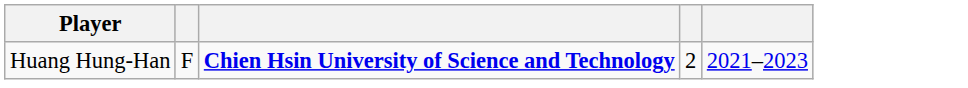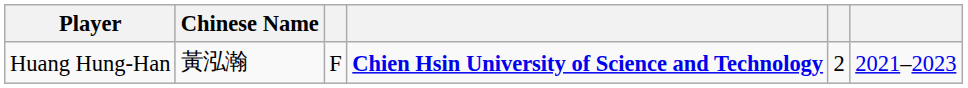 <table class="wikitable sortable" style="font-size:95%; text-align:right;">
 <tr>
 <th>Player</th>
+<th>Chinese Name</th>
 <th></th>
 <th></th>
 <th></th>
 <th></th>
 </tr>
 <tr>
 <td align="left">Huang Hung-Han</td>
+<td align="left">黃泓瀚</td>
 <td align="center">F</td>
 <td align="left"><strong><a href='#'>Chien Hsin University of Science and Technology</a></strong></td>
 <td align="center">2</td>
 <td align="center"><a href='#'>2021</a>–<a href='#'>2023</a></td>
 </tr>
 </table>
